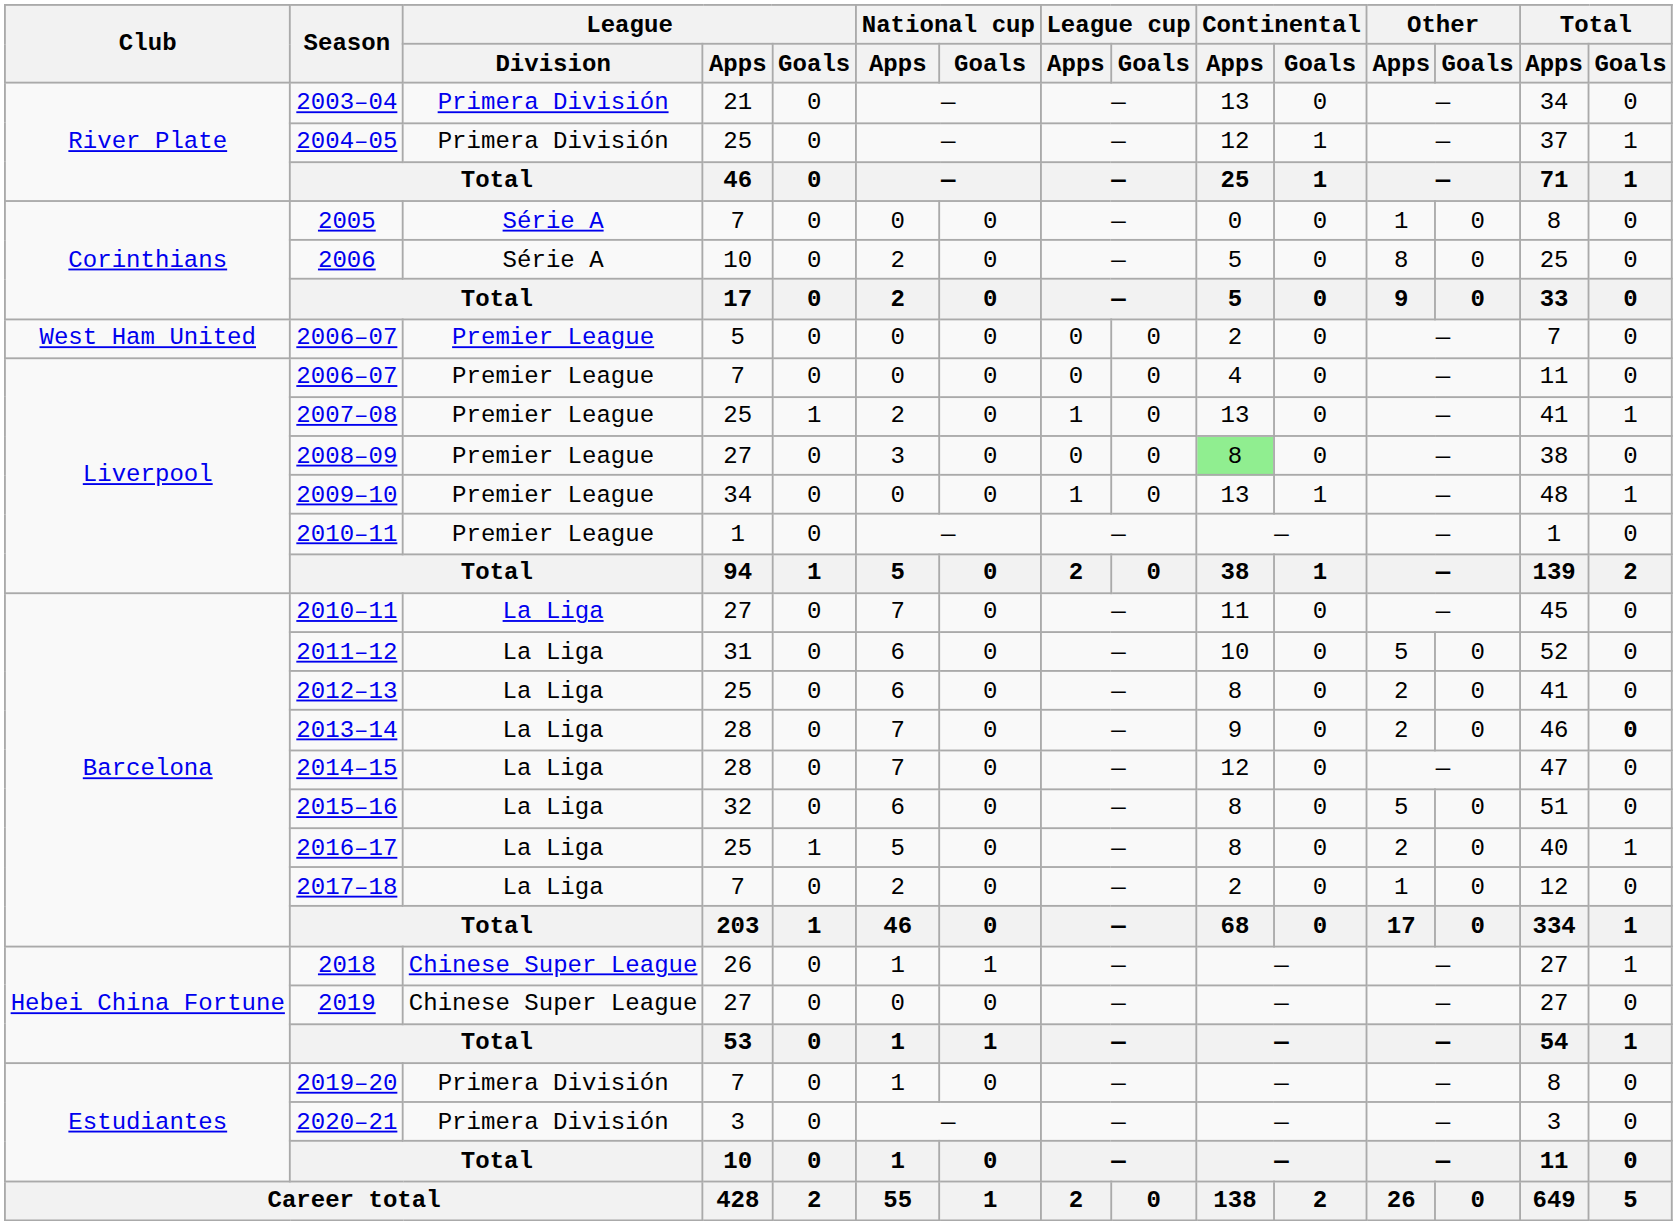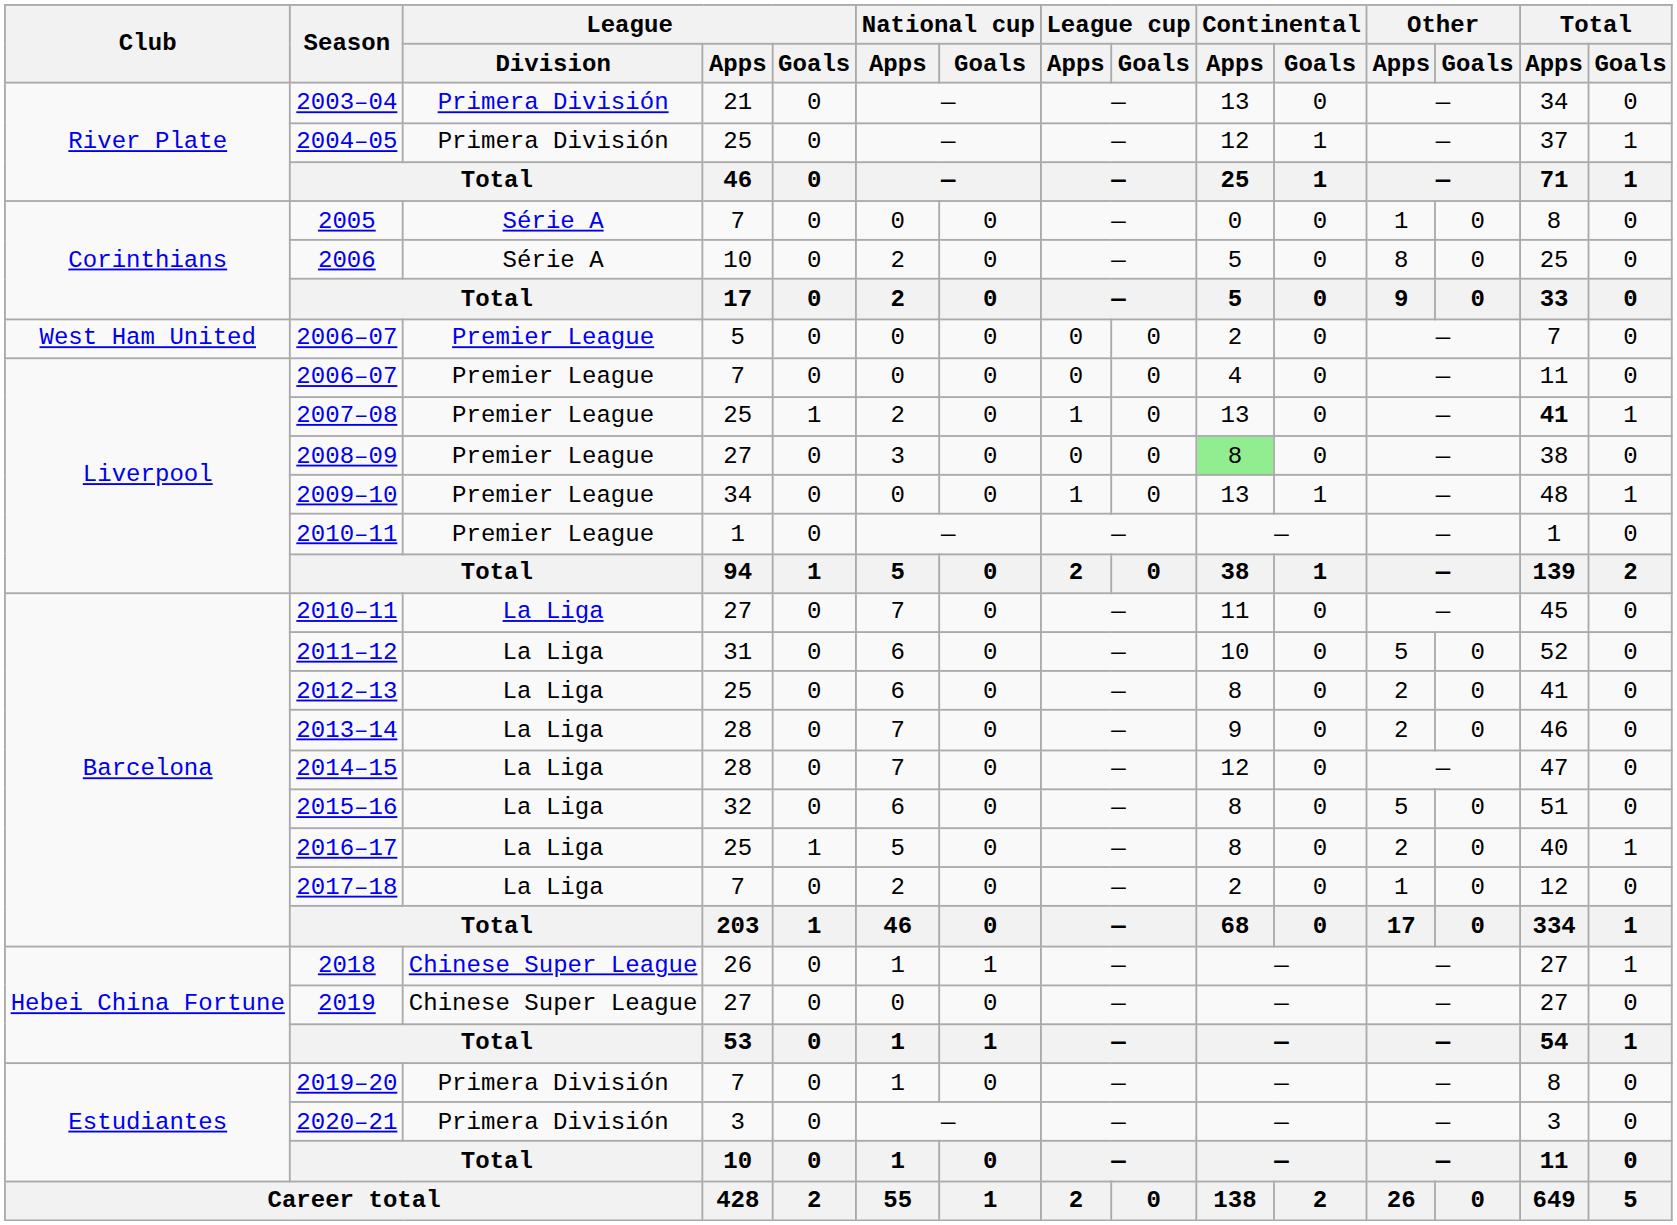 <table class="wikitable" style="text-align: center">
 <tr>
 <th rowspan="2">Club</th>
 <th rowspan="2">Season</th>
 <th colspan="3">League</th>
 <th colspan="2">National cup</th>
 <th colspan="2">League cup</th>
 <th colspan="2">Continental</th>
 <th colspan="2">Other</th>
 <th colspan="2">Total</th>
 </tr>
 <tr>
 <th>Division</th>
 <th>Apps</th>
 <th>Goals</th>
 <th>Apps</th>
 <th>Goals</th>
 <th>Apps</th>
 <th>Goals</th>
 <th>Apps</th>
 <th>Goals</th>
 <th>Apps</th>
 <th>Goals</th>
 <th>Apps</th>
 <th>Goals</th>
 </tr>
 <tr>
 <td rowspan="3"><a href='#'>River Plate</a></td>
 <td><a href='#'>2003–04</a></td>
 <td><a href='#'>Primera División</a></td>
 <td>21</td>
 <td>0</td>
 <td colspan="2">—</td>
 <td colspan="2">—</td>
 <td>13</td>
 <td>0</td>
 <td colspan="2">—</td>
 <td>34</td>
 <td>0</td>
 </tr>
 <tr>
 <td><a href='#'>2004–05</a></td>
 <td>Primera División</td>
 <td>25</td>
 <td>0</td>
 <td colspan="2">—</td>
 <td colspan="2">—</td>
 <td>12</td>
 <td>1</td>
 <td colspan="2">—</td>
 <td>37</td>
 <td>1</td>
 </tr>
 <tr>
 <th colspan="2">Total</th>
 <th>46</th>
 <th>0</th>
 <th colspan="2">—</th>
 <th colspan="2">—</th>
 <th>25</th>
 <th>1</th>
 <th colspan="2">—</th>
 <th>71</th>
 <th>1</th>
 </tr>
 <tr>
 <td rowspan="3"><a href='#'>Corinthians</a></td>
 <td><a href='#'>2005</a></td>
 <td><a href='#'>Série A</a></td>
 <td>7</td>
 <td>0</td>
 <td>0</td>
 <td>0</td>
 <td colspan="2">—</td>
 <td>0</td>
 <td>0</td>
 <td>1</td>
 <td>0</td>
 <td>8</td>
 <td>0</td>
 </tr>
 <tr>
 <td><a href='#'>2006</a></td>
 <td>Série A</td>
 <td>10</td>
 <td>0</td>
 <td>2</td>
 <td>0</td>
 <td colspan="2">—</td>
 <td>5</td>
 <td>0</td>
 <td>8</td>
 <td>0</td>
 <td>25</td>
 <td>0</td>
 </tr>
 <tr>
 <th colspan="2">Total</th>
 <th>17</th>
 <th>0</th>
 <th>2</th>
 <th>0</th>
 <th colspan="2">—</th>
 <th>5</th>
 <th>0</th>
 <th>9</th>
 <th>0</th>
 <th>33</th>
 <th>0</th>
 </tr>
 <tr>
 <td><a href='#'>West Ham United</a></td>
 <td><a href='#'>2006–07</a></td>
 <td><a href='#'>Premier League</a></td>
 <td>5</td>
 <td>0</td>
 <td>0</td>
 <td>0</td>
 <td>0</td>
 <td>0</td>
 <td>2</td>
 <td>0</td>
 <td colspan="2">—</td>
 <td>7</td>
 <td>0</td>
 </tr>
 <tr>
 <td rowspan="6"><a href='#'>Liverpool</a></td>
 <td><a href='#'>2006–07</a></td>
 <td>Premier League</td>
 <td>7</td>
 <td>0</td>
 <td>0</td>
 <td>0</td>
 <td>0</td>
 <td>0</td>
 <td>4</td>
 <td>0</td>
 <td colspan="2">—</td>
 <td>11</td>
 <td>0</td>
 </tr>
 <tr>
 <td><a href='#'>2007–08</a></td>
 <td>Premier League</td>
 <td>25</td>
 <td>1</td>
 <td>2</td>
 <td>0</td>
 <td>1</td>
 <td>0</td>
 <td>13</td>
 <td>0</td>
 <td colspan="2">—</td>
-<td>41</td>
+<td><strong>41</strong></td>
 <td>1</td>
 </tr>
 <tr>
 <td><a href='#'>2008–09</a></td>
 <td>Premier League</td>
 <td>27</td>
 <td>0</td>
 <td>3</td>
 <td>0</td>
 <td>0</td>
 <td>0</td>
 <td style="background: lightgreen;">8</td>
 <td>0</td>
 <td colspan="2">—</td>
 <td>38</td>
 <td>0</td>
 </tr>
 <tr>
 <td><a href='#'>2009–10</a></td>
 <td>Premier League</td>
 <td>34</td>
 <td>0</td>
 <td>0</td>
 <td>0</td>
 <td>1</td>
 <td>0</td>
 <td>13</td>
 <td>1</td>
 <td colspan="2">—</td>
 <td>48</td>
 <td>1</td>
 </tr>
 <tr>
 <td><a href='#'>2010–11</a></td>
 <td>Premier League</td>
 <td>1</td>
 <td>0</td>
 <td colspan="2">—</td>
 <td colspan="2">—</td>
 <td colspan="2">—</td>
 <td colspan="2">—</td>
 <td>1</td>
 <td>0</td>
 </tr>
 <tr>
 <th colspan="2">Total</th>
 <th>94</th>
 <th>1</th>
 <th>5</th>
 <th>0</th>
 <th>2</th>
 <th>0</th>
 <th>38</th>
 <th>1</th>
 <th colspan="2">—</th>
 <th>139</th>
 <th>2</th>
 </tr>
 <tr>
 <td rowspan="9"><a href='#'>Barcelona</a></td>
 <td><a href='#'>2010–11</a></td>
 <td><a href='#'>La Liga</a></td>
 <td>27</td>
 <td>0</td>
 <td>7</td>
 <td>0</td>
 <td colspan="2">—</td>
 <td>11</td>
 <td>0</td>
 <td colspan="2">—</td>
 <td>45</td>
 <td>0</td>
 </tr>
 <tr>
 <td><a href='#'>2011–12</a></td>
 <td>La Liga</td>
 <td>31</td>
 <td>0</td>
 <td>6</td>
 <td>0</td>
 <td colspan="2">—</td>
 <td>10</td>
 <td>0</td>
 <td>5</td>
 <td>0</td>
 <td>52</td>
 <td>0</td>
 </tr>
 <tr>
 <td><a href='#'>2012–13</a></td>
 <td>La Liga</td>
 <td>25</td>
 <td>0</td>
 <td>6</td>
 <td>0</td>
 <td colspan="2">—</td>
 <td>8</td>
 <td>0</td>
 <td>2</td>
 <td>0</td>
 <td>41</td>
 <td>0</td>
 </tr>
 <tr>
 <td><a href='#'>2013–14</a></td>
 <td>La Liga</td>
 <td>28</td>
 <td>0</td>
 <td>7</td>
 <td>0</td>
 <td colspan="2">—</td>
 <td>9</td>
 <td>0</td>
 <td>2</td>
 <td>0</td>
 <td>46</td>
-<td><strong>0</strong></td>
+<td>0</td>
 </tr>
 <tr>
 <td><a href='#'>2014–15</a></td>
 <td>La Liga</td>
 <td>28</td>
 <td>0</td>
 <td>7</td>
 <td>0</td>
 <td colspan="2">—</td>
 <td>12</td>
 <td>0</td>
 <td colspan="2">—</td>
 <td>47</td>
 <td>0</td>
 </tr>
 <tr>
 <td><a href='#'>2015–16</a></td>
 <td>La Liga</td>
 <td>32</td>
 <td>0</td>
 <td>6</td>
 <td>0</td>
 <td colspan="2">—</td>
 <td>8</td>
 <td>0</td>
 <td>5</td>
 <td>0</td>
 <td>51</td>
 <td>0</td>
 </tr>
 <tr>
 <td><a href='#'>2016–17</a></td>
 <td>La Liga</td>
 <td>25</td>
 <td>1</td>
 <td>5</td>
 <td>0</td>
 <td colspan="2">—</td>
 <td>8</td>
 <td>0</td>
 <td>2</td>
 <td>0</td>
 <td>40</td>
 <td>1</td>
 </tr>
 <tr>
 <td><a href='#'>2017–18</a></td>
 <td>La Liga</td>
 <td>7</td>
 <td>0</td>
 <td>2</td>
 <td>0</td>
 <td colspan="2">—</td>
 <td>2</td>
 <td>0</td>
 <td>1</td>
 <td>0</td>
 <td>12</td>
 <td>0</td>
 </tr>
 <tr>
 <th colspan="2">Total</th>
 <th>203</th>
 <th>1</th>
 <th>46</th>
 <th>0</th>
 <th colspan="2">—</th>
 <th>68</th>
 <th>0</th>
 <th>17</th>
 <th>0</th>
 <th>334</th>
 <th>1</th>
 </tr>
 <tr>
 <td rowspan="3"><a href='#'>Hebei China Fortune</a></td>
 <td><a href='#'>2018</a></td>
 <td><a href='#'>Chinese Super League</a></td>
 <td>26</td>
 <td>0</td>
 <td>1</td>
 <td>1</td>
 <td colspan="2">—</td>
 <td colspan="2">—</td>
 <td colspan="2">—</td>
 <td>27</td>
 <td>1</td>
 </tr>
 <tr>
 <td><a href='#'>2019</a></td>
 <td>Chinese Super League</td>
 <td>27</td>
 <td>0</td>
 <td>0</td>
 <td>0</td>
 <td colspan="2">—</td>
 <td colspan="2">—</td>
 <td colspan="2">—</td>
 <td>27</td>
 <td>0</td>
 </tr>
 <tr>
 <th colspan="2">Total</th>
 <th>53</th>
 <th>0</th>
 <th>1</th>
 <th>1</th>
 <th colspan="2">—</th>
 <th colspan="2">—</th>
 <th colspan="2">—</th>
 <th>54</th>
 <th>1</th>
 </tr>
 <tr>
 <td rowspan="3"><a href='#'>Estudiantes</a></td>
 <td><a href='#'>2019–20</a></td>
 <td>Primera División</td>
 <td>7</td>
 <td>0</td>
 <td>1</td>
 <td>0</td>
 <td colspan="2">—</td>
 <td colspan="2">—</td>
 <td colspan="2">—</td>
 <td>8</td>
 <td>0</td>
 </tr>
 <tr>
 <td><a href='#'>2020–21</a></td>
 <td>Primera División</td>
 <td>3</td>
 <td>0</td>
 <td colspan="2">—</td>
 <td colspan="2">—</td>
 <td colspan="2">—</td>
 <td colspan="2">—</td>
 <td>3</td>
 <td>0</td>
 </tr>
 <tr>
 <th colspan="2">Total</th>
 <th>10</th>
 <th>0</th>
 <th>1</th>
 <th>0</th>
 <th colspan="2">—</th>
 <th colspan="2">—</th>
 <th colspan="2">—</th>
 <th>11</th>
 <th>0</th>
 </tr>
 <tr>
 <th colspan="3">Career total</th>
 <th>428</th>
 <th>2</th>
 <th>55</th>
 <th>1</th>
 <th>2</th>
 <th>0</th>
 <th>138</th>
 <th>2</th>
 <th>26</th>
 <th>0</th>
 <th>649</th>
 <th>5</th>
 </tr>
 </table>
